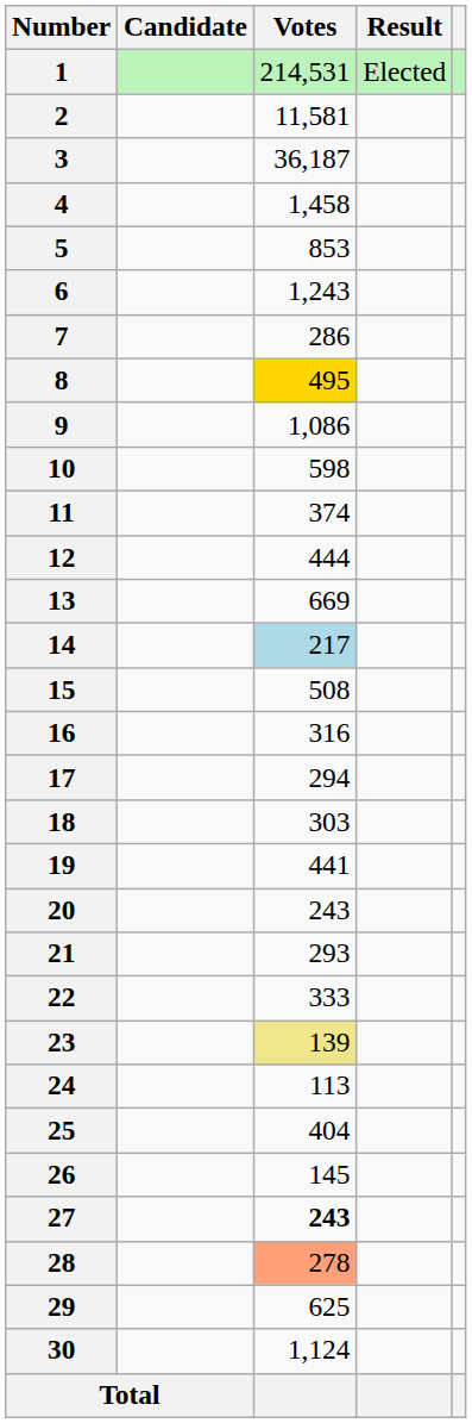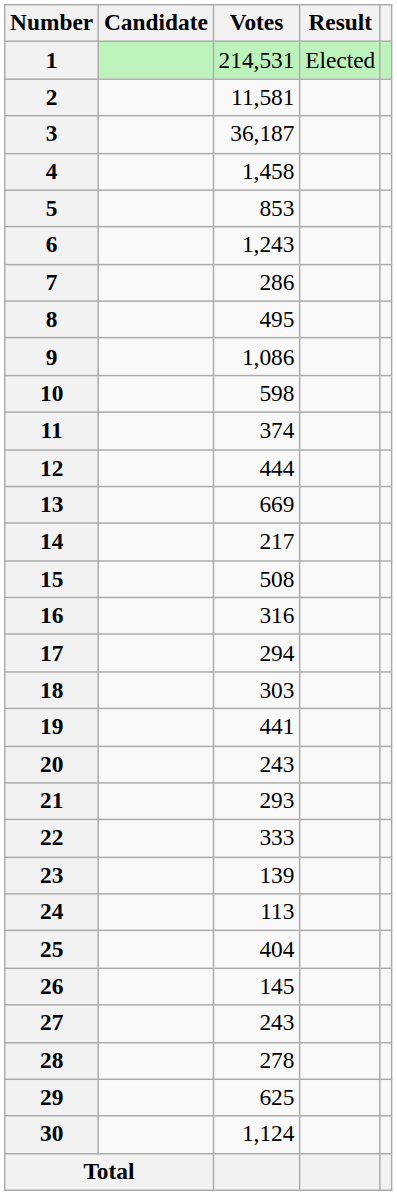 <table class="wikitable sortable">
 <tr>
 <th scope="col">Number</th>
 <th scope="col">Candidate</th>
 <th scope="col">Votes</th>
 <th scope="col">Result</th>
 <th scope="col" class="unsortable"></th>
 </tr>
 <tr bgcolor=bbf3bb>
 <th scope="row">1</th>
 <td></td>
 <td style="text-align:right">214,531</td>
 <td>Elected</td>
 <td></td>
 </tr>
 <tr>
 <th scope="row">2</th>
 <td></td>
 <td style="text-align:right">11,581</td>
 <td></td>
 <td></td>
 </tr>
 <tr>
 <th scope="row">3</th>
 <td></td>
 <td style="text-align:right">36,187</td>
 <td></td>
 <td></td>
 </tr>
 <tr>
 <th scope="row">4</th>
 <td></td>
 <td style="text-align:right">1,458</td>
 <td></td>
 <td></td>
 </tr>
 <tr>
 <th scope="row">5</th>
 <td></td>
 <td style="text-align:right">853</td>
 <td></td>
 <td></td>
 </tr>
 <tr>
 <th scope="row">6</th>
 <td></td>
 <td style="text-align:right">1,243</td>
 <td></td>
 <td></td>
 </tr>
 <tr>
 <th scope="row">7</th>
 <td></td>
 <td style="text-align:right">286</td>
 <td></td>
 <td></td>
 </tr>
 <tr>
 <th scope="row">8</th>
 <td></td>
-<td style="background: gold; text-align:right">495</td>
+<td style="text-align:right">495</td>
 <td></td>
 <td></td>
 </tr>
 <tr>
 <th scope="row">9</th>
 <td></td>
 <td style="text-align:right">1,086</td>
 <td></td>
 <td></td>
 </tr>
 <tr>
 <th scope="row">10</th>
 <td></td>
 <td style="text-align:right">598</td>
 <td></td>
 <td></td>
 </tr>
 <tr>
 <th scope="row">11</th>
 <td></td>
 <td style="text-align:right">374</td>
 <td></td>
 <td></td>
 </tr>
 <tr>
 <th scope="row">12</th>
 <td></td>
 <td style="text-align:right">444</td>
 <td></td>
 <td></td>
 </tr>
 <tr>
 <th scope="row">13</th>
 <td></td>
 <td style="text-align:right">669</td>
 <td></td>
 <td></td>
 </tr>
 <tr>
 <th scope="row">14</th>
 <td></td>
-<td style="background: lightblue; text-align:right">217</td>
+<td style="text-align:right">217</td>
 <td></td>
 <td></td>
 </tr>
 <tr>
 <th scope="row">15</th>
 <td></td>
 <td style="text-align:right">508</td>
 <td></td>
 <td></td>
 </tr>
 <tr>
 <th scope="row">16</th>
 <td></td>
 <td style="text-align:right">316</td>
 <td></td>
 <td></td>
 </tr>
 <tr>
 <th scope="row">17</th>
 <td></td>
 <td style="text-align:right">294</td>
 <td></td>
 <td></td>
 </tr>
 <tr>
 <th scope="row">18</th>
 <td></td>
 <td style="text-align:right">303</td>
 <td></td>
 <td></td>
 </tr>
 <tr>
 <th scope="row">19</th>
 <td></td>
 <td style="text-align:right">441</td>
 <td></td>
 <td></td>
 </tr>
 <tr>
 <th scope="row">20</th>
 <td></td>
 <td style="text-align:right">243</td>
 <td></td>
 <td></td>
 </tr>
 <tr>
 <th scope="row">21</th>
 <td></td>
 <td style="text-align:right">293</td>
 <td></td>
 <td></td>
 </tr>
 <tr>
 <th scope="row">22</th>
 <td></td>
 <td style="text-align:right">333</td>
 <td></td>
 <td></td>
 </tr>
 <tr>
 <th scope="row">23</th>
 <td></td>
-<td style="background: khaki; text-align:right">139</td>
+<td style="text-align:right">139</td>
 <td></td>
 <td></td>
 </tr>
 <tr>
 <th scope="row">24</th>
 <td></td>
 <td style="text-align:right">113</td>
 <td></td>
 <td></td>
 </tr>
 <tr>
 <th scope="row">25</th>
 <td></td>
 <td style="text-align:right">404</td>
 <td></td>
 <td></td>
 </tr>
 <tr>
 <th scope="row">26</th>
 <td></td>
 <td style="text-align:right">145</td>
 <td></td>
 <td></td>
 </tr>
 <tr>
 <th scope="row">27</th>
 <td></td>
-<td style="text-align:right"><strong>243</strong></td>
+<td style="text-align:right">243</td>
 <td></td>
 <td></td>
 </tr>
 <tr>
 <th scope="row">28</th>
 <td></td>
-<td style="background: lightsalmon; text-align:right">278</td>
+<td style="text-align:right">278</td>
 <td></td>
 <td></td>
 </tr>
 <tr>
 <th scope="row">29</th>
 <td></td>
 <td style="text-align:right">625</td>
 <td></td>
 <td></td>
 </tr>
 <tr>
 <th scope="row">30</th>
 <td></td>
 <td style="text-align:right">1,124</td>
 <td></td>
 <td></td>
 </tr>
 <tr class="sortbottom">
 <th scope="row" colspan="2">Total</th>
 <th style="text-align:right"></th>
 <th></th>
 <th></th>
 </tr>
 </table>
